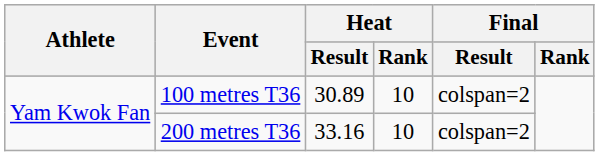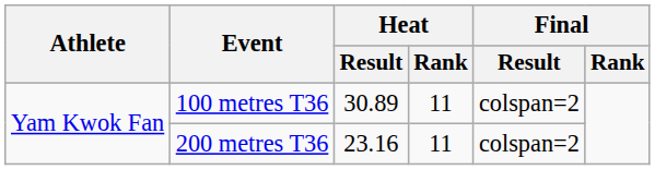 <table class="wikitable" style="font-size:90%">
 <tr>
 <th rowspan="2">Athlete</th>
 <th rowspan="2">Event</th>
 <th colspan="2">Heat</th>
 <th colspan="2">Final</th>
 </tr>
 <tr style="font-size:95%">
 <th>Result</th>
 <th>Rank</th>
 <th>Result</th>
 <th>Rank</th>
 </tr>
 <tr style="text-align:center">
 <td style="text-align:left" rowspan=2><a href='#'>Yam Kwok Fan</a></td>
 <td style="text-align:left"><a href='#'>100 metres T36</a></td>
 <td>30.89</td>
-<td>10</td>
+<td>11</td>
 <td>colspan=2 </td>
 </tr>
 <tr style="text-align:center">
 <td style="text-align:left"><a href='#'>200 metres T36</a></td>
-<td>33.16</td>
-<td>10</td>
+<td>23.16</td>
+<td>11</td>
 <td>colspan=2 </td>
 </tr>
 </table>
